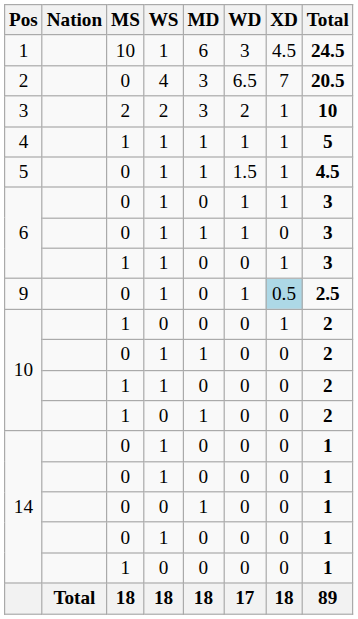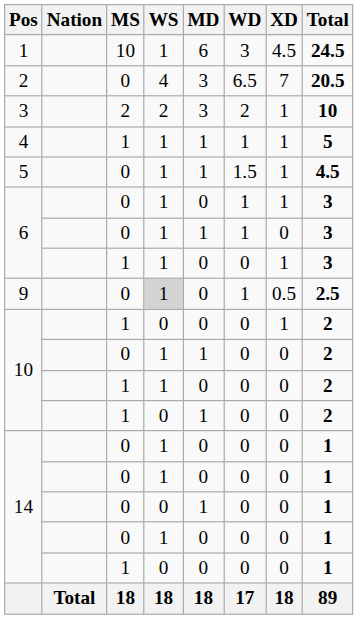 <table class="wikitable" style="text-align:center">
 <tr>
 <th width="20">Pos</th>
 <th>Nation</th>
 <th width="20">MS</th>
 <th width="20">WS</th>
 <th width="20">MD</th>
 <th width="20">WD</th>
 <th width="20">XD</th>
 <th>Total</th>
 </tr>
 <tr>
 <td>1</td>
 <td align=left><strong></strong></td>
 <td>10</td>
 <td>1</td>
 <td>6</td>
 <td>3</td>
 <td>4.5</td>
 <td><strong>24.5</strong></td>
 </tr>
 <tr>
 <td>2</td>
 <td align=left></td>
 <td>0</td>
 <td>4</td>
 <td>3</td>
 <td>6.5</td>
 <td>7</td>
 <td><strong>20.5</strong></td>
 </tr>
 <tr>
 <td>3</td>
 <td align=left></td>
 <td>2</td>
 <td>2</td>
 <td>3</td>
 <td>2</td>
 <td>1</td>
 <td><strong>10</strong></td>
 </tr>
 <tr>
 <td>4</td>
 <td align=left></td>
 <td>1</td>
 <td>1</td>
 <td>1</td>
 <td>1</td>
 <td>1</td>
 <td><strong>5</strong></td>
 </tr>
 <tr>
 <td>5</td>
 <td align=left></td>
 <td>0</td>
 <td>1</td>
 <td>1</td>
 <td>1.5</td>
 <td>1</td>
 <td><strong>4.5</strong></td>
 </tr>
 <tr>
 <td rowspan=3>6</td>
 <td align=left></td>
 <td>0</td>
 <td>1</td>
 <td>0</td>
 <td>1</td>
 <td>1</td>
 <td><strong>3</strong></td>
 </tr>
 <tr>
 <td align=left></td>
 <td>0</td>
 <td>1</td>
 <td>1</td>
 <td>1</td>
 <td>0</td>
 <td><strong>3</strong></td>
 </tr>
 <tr>
 <td align=left></td>
 <td>1</td>
 <td>1</td>
 <td>0</td>
 <td>0</td>
 <td>1</td>
 <td><strong>3</strong></td>
 </tr>
 <tr>
 <td>9</td>
 <td align=left></td>
 <td>0</td>
-<td>1</td>
+<td style="background: lightgrey;">1</td>
 <td>0</td>
 <td>1</td>
-<td style="background: lightblue;">0.5</td>
+<td>0.5</td>
 <td><strong>2.5</strong></td>
 </tr>
 <tr>
 <td rowspan="4">10</td>
 <td align=left></td>
 <td>1</td>
 <td>0</td>
 <td>0</td>
 <td>0</td>
 <td>1</td>
 <td><strong>2</strong></td>
 </tr>
 <tr>
 <td align=left></td>
 <td>0</td>
 <td>1</td>
 <td>1</td>
 <td>0</td>
 <td>0</td>
 <td><strong>2</strong></td>
 </tr>
 <tr>
 <td align=left></td>
 <td>1</td>
 <td>1</td>
 <td>0</td>
 <td>0</td>
 <td>0</td>
 <td><strong>2</strong></td>
 </tr>
 <tr>
 <td align=left></td>
 <td>1</td>
 <td>0</td>
 <td>1</td>
 <td>0</td>
 <td>0</td>
 <td><strong>2</strong></td>
 </tr>
 <tr>
 <td rowspan="5">14</td>
 <td align=left></td>
 <td>0</td>
 <td>1</td>
 <td>0</td>
 <td>0</td>
 <td>0</td>
 <td><strong>1</strong></td>
 </tr>
 <tr>
 <td align=left></td>
 <td>0</td>
 <td>1</td>
 <td>0</td>
 <td>0</td>
 <td>0</td>
 <td><strong>1</strong></td>
 </tr>
 <tr>
 <td align=left></td>
 <td>0</td>
 <td>0</td>
 <td>1</td>
 <td>0</td>
 <td>0</td>
 <td><strong>1</strong></td>
 </tr>
 <tr>
 <td align=left></td>
 <td>0</td>
 <td>1</td>
 <td>0</td>
 <td>0</td>
 <td>0</td>
 <td><strong>1</strong></td>
 </tr>
 <tr>
 <td align=left></td>
 <td>1</td>
 <td>0</td>
 <td>0</td>
 <td>0</td>
 <td>0</td>
 <td><strong>1</strong></td>
 </tr>
 <tr>
 <th></th>
 <th align=left><strong>Total</strong></th>
 <th>18</th>
 <th>18</th>
 <th>18</th>
 <th>17</th>
 <th>18</th>
 <th><strong>89</strong></th>
 </tr>
 </table>
